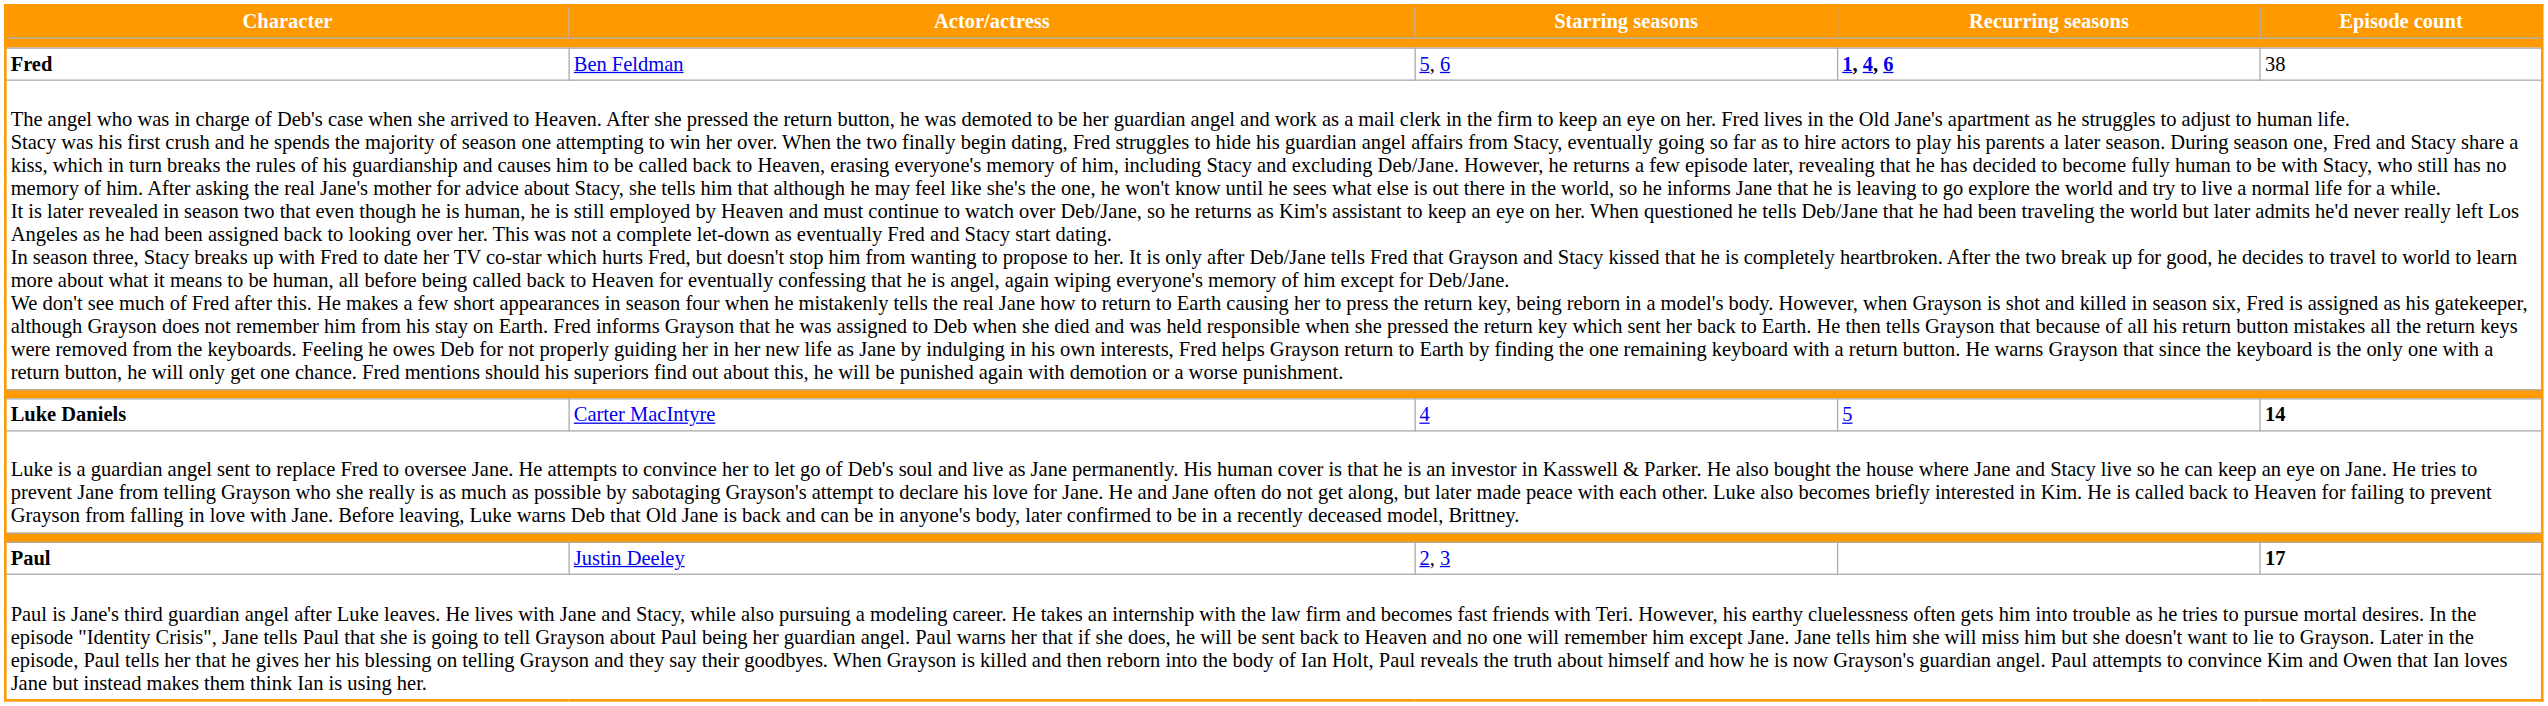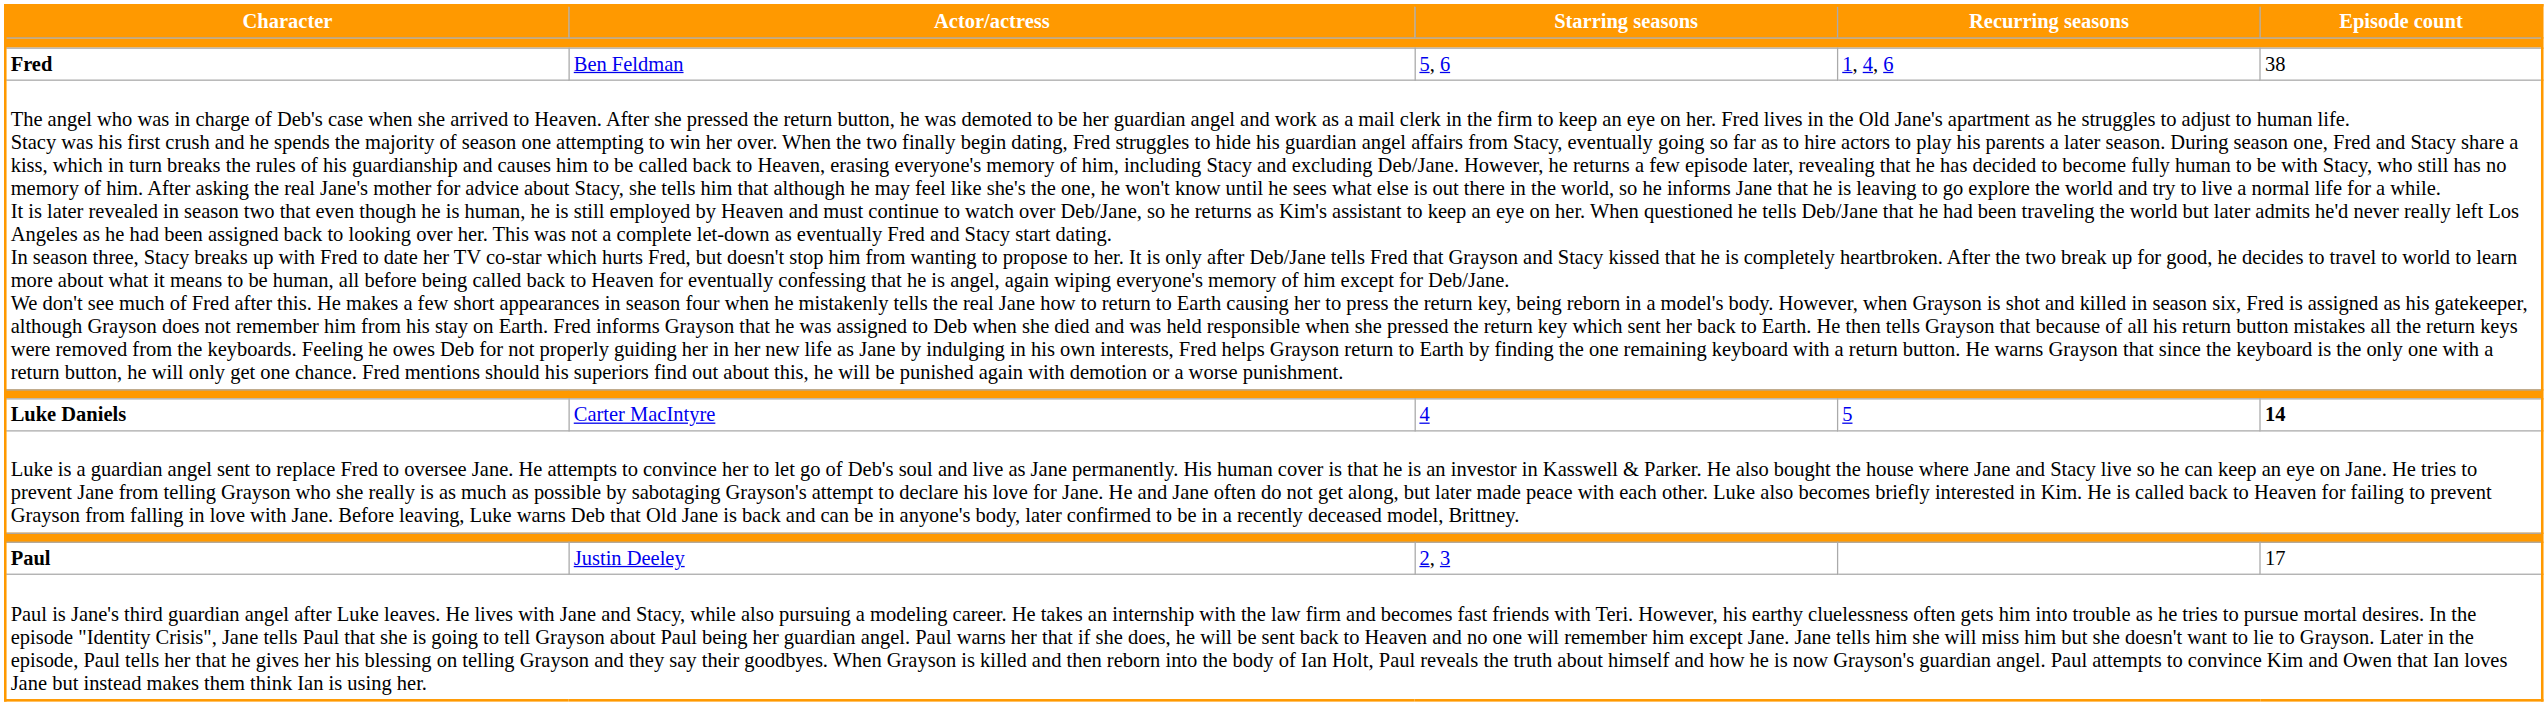 <table class="wikitable sortable collapsible" style="width:100%; margin-right:auto; background: #FFFFFF; border:2px solid #FF9900;">
 <tr style="color:white">
 <th style="background-color:#FF9900; width:20%">Character</th>
 <th style="background-color:#FF9900; width:30%">Actor/actress</th>
 <th style="background-color:#FF9900; width:15%">Starring seasons</th>
 <th style="background-color:#FF9900; width:15%">Recurring seasons</th>
 <th style="background-color:#FF9900; width:10%">Episode count</th>
 </tr>
 <tr>
 <td colspan="6" bgcolor="#FF9900"></td>
 </tr>
 <tr>
 <td><strong>Fred</strong></td>
 <td><a href='#'>Ben Feldman</a></td>
 <td><a href='#'>5</a>, <a href='#'>6</a></td>
-<td><strong><a href='#'>1</a>, <a href='#'>4</a>, <a href='#'>6</a></strong></td>
+<td><a href='#'>1</a>, <a href='#'>4</a>, <a href='#'>6</a></td>
 <td>38</td>
 </tr>
 <tr>
 <td colspan="6"><br> The angel who was in charge of Deb's case when she arrived to Heaven. After she pressed the return button, he was demoted to be her guardian angel and work as a mail clerk in the firm to keep an eye on her. Fred lives in the Old Jane's apartment as he struggles to adjust to human life.<br>Stacy was his first crush and he spends the majority of season one attempting to win her over. When the two finally begin dating, Fred struggles to hide his guardian angel affairs from Stacy, eventually going so far as to hire actors to play his parents a later season. During season one, Fred and Stacy share a kiss, which in turn breaks the rules of his guardianship and causes him to be called back to Heaven, erasing everyone's memory of him, including Stacy and excluding Deb/Jane. However, he returns a few episode later, revealing that he has decided to become fully human to be with Stacy, who still has no memory of him. After asking the real Jane's mother for advice about Stacy, she tells him that although he may feel like she's the one, he won't know until he sees what else is out there in the world, so he informs Jane that he is leaving to go explore the world and try to live a normal life for a while.<br>It is later revealed in season two that even though he is human, he is still employed by Heaven and must continue to watch over Deb/Jane, so he returns as Kim's assistant to keep an eye on her. When questioned he tells Deb/Jane that he had been traveling the world but later admits he'd never really left Los Angeles as he had been assigned back to looking over her. This was not a complete let-down as eventually Fred and Stacy start dating.<br>In season three, Stacy breaks up with Fred to date her TV co-star which hurts Fred, but doesn't stop him from wanting to propose to her. It is only after Deb/Jane tells Fred that Grayson and Stacy kissed that he is completely heartbroken. After the two break up for good, he decides to travel to world to learn more about what it means to be human, all before being called back to Heaven for eventually confessing that he is angel, again wiping everyone's memory of him except for Deb/Jane.<br>We don't see much of Fred after this. He makes a few short appearances in season four when he mistakenly tells the real Jane how to return to Earth causing her to press the return key, being reborn in a model's body. However, when Grayson is shot and killed in season six, Fred is assigned as his gatekeeper, although Grayson does not remember him from his stay on Earth. Fred informs Grayson that he was assigned to Deb when she died and was held responsible when she pressed the return key which sent her back to Earth. He then tells Grayson that because of all his return button mistakes all the return keys were removed from the keyboards. Feeling he owes Deb for not properly guiding her in her new life as Jane by indulging in his own interests, Fred helps Grayson return to Earth by finding the one remaining keyboard with a return button. He warns Grayson that since the keyboard is the only one with a return button, he will only get one chance. Fred mentions should his superiors find out about this, he will be punished again with demotion or a worse punishment.</td>
 </tr>
 <tr>
 <td colspan="6" bgcolor="#FF9900"></td>
 </tr>
 <tr>
 <td><strong>Luke Daniels</strong></td>
 <td><a href='#'>Carter MacIntyre</a></td>
 <td><a href='#'>4</a></td>
 <td><a href='#'>5</a></td>
 <td><strong>14</strong></td>
 </tr>
 <tr>
 <td colspan="6"><br> Luke is a guardian angel sent to replace Fred to oversee Jane. He attempts to convince her to let go of Deb's soul and live as Jane permanently. His human cover is that he is an investor in Kasswell & Parker. He also bought the house where Jane and Stacy live so he can keep an eye on Jane. He tries to prevent Jane from telling Grayson who she really is as much as possible by sabotaging Grayson's attempt to declare his love for Jane. He and Jane often do not get along, but later made peace with each other. Luke also becomes briefly interested in Kim. He is called back to Heaven for failing to prevent Grayson from falling in love with Jane. Before leaving, Luke warns Deb that Old Jane is back and can be in anyone's body, later confirmed to be in a recently deceased model, Brittney.</td>
 </tr>
 <tr>
 <td colspan="6" bgcolor="#FF9900"></td>
 </tr>
 <tr>
 <td><strong>Paul</strong></td>
 <td><a href='#'>Justin Deeley</a></td>
 <td><a href='#'>2</a>, <a href='#'>3</a></td>
 <td></td>
-<td><strong>17</strong></td>
+<td>17</td>
 </tr>
 <tr>
 <td colspan="6"><br>Paul is Jane's third guardian angel after Luke leaves. He lives with Jane and Stacy, while also pursuing a modeling career. He takes an internship with the law firm and becomes fast friends with Teri. However, his earthy cluelessness often gets him into trouble as he tries to pursue mortal desires. In the episode "Identity Crisis", Jane tells Paul that she is going to tell Grayson about Paul being her guardian angel. Paul warns her that if she does, he will be sent back to Heaven and no one will remember him except Jane. Jane tells him she will miss him but she doesn't want to lie to Grayson. Later in the episode, Paul tells her that he gives her his blessing on telling Grayson and they say their goodbyes. When Grayson is killed and then reborn into the body of Ian Holt, Paul reveals the truth about himself and how he is now Grayson's guardian angel. Paul attempts to convince Kim and Owen that Ian loves Jane but instead makes them think Ian is using her.</td>
 </tr>
 </table>
